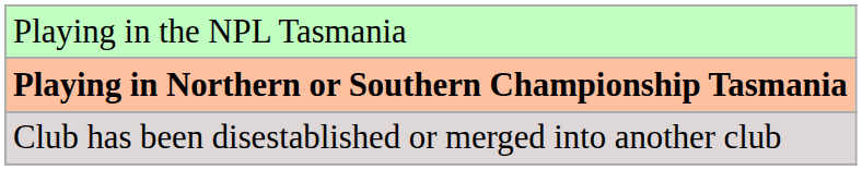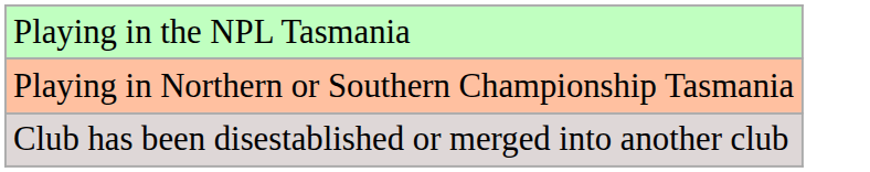 <table class="wikitable">
 <tr bgcolor=#C0FFC0>
 <td>Playing in the NPL Tasmania</td>
 </tr>
 <tr bgcolor=#FFC0A0>
-<td><strong>Playing in Northern or Southern Championship Tasmania</strong></td>
+<td>Playing in Northern or Southern Championship Tasmania</td>
 </tr>
 <tr bgcolor=#DED7D7>
 <td>Club has been disestablished or merged into another club</td>
 </tr>
 </table>
